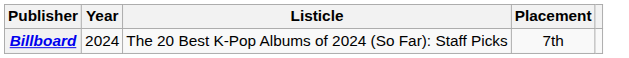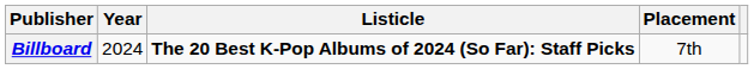 <table class="wikitable plainrowheaders sortable" style="text-align:center">
 <tr>
 <th scope="col">Publisher</th>
 <th scope="col">Year</th>
 <th scope="col">Listicle</th>
 <th scope="col">Placement</th>
 <th scope="col" class="unsortable"></th>
 </tr>
 <tr>
 <th scope="row"><em><a href='#'>Billboard</a></em></th>
 <td rowspan="2">2024</td>
-<td style="text-align:left">The 20 Best K-Pop Albums of 2024 (So Far): Staff Picks</td>
+<td style="text-align:left"><strong>The 20 Best K-Pop Albums of 2024 (So Far): Staff Picks</strong></td>
 <td>7th</td>
 <td></td>
 </tr>
 </table>
